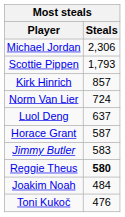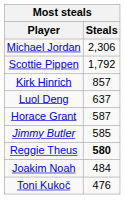 <table class="wikitable sortable" style="text-align:center">
 <tr>
 <th colspan="2" style="text-align:center; ">Most steals</th>
 </tr>
 <tr>
 <th style="text-align:center; ">Player</th>
 <th style="text-align:center; ">Steals</th>
 </tr>
 <tr>
 <td><a href='#'>Michael Jordan</a></td>
 <td>2,306</td>
 </tr>
 <tr>
 <td><a href='#'>Scottie Pippen</a></td>
-<td>1,793</td>
+<td>1,792</td>
 </tr>
 <tr>
 <td><a href='#'>Kirk Hinrich</a></td>
 <td>857</td>
-</tr>
-<tr>
-<td><a href='#'>Norm Van Lier</a></td>
-<td>724</td>
 </tr>
 <tr>
 <td><a href='#'>Luol Deng</a></td>
 <td>637</td>
 </tr>
 <tr>
 <td><a href='#'>Horace Grant</a></td>
 <td>587</td>
 </tr>
 <tr>
 <td><em><a href='#'>Jimmy Butler</a></em></td>
-<td>583</td>
+<td>585</td>
 </tr>
 <tr>
 <td><a href='#'>Reggie Theus</a></td>
 <td><strong>580</strong></td>
 </tr>
 <tr>
 <td><a href='#'>Joakim Noah</a></td>
 <td>484</td>
 </tr>
 <tr>
 <td><a href='#'>Toni Kukoč</a></td>
 <td>476</td>
 </tr>
 </table>
